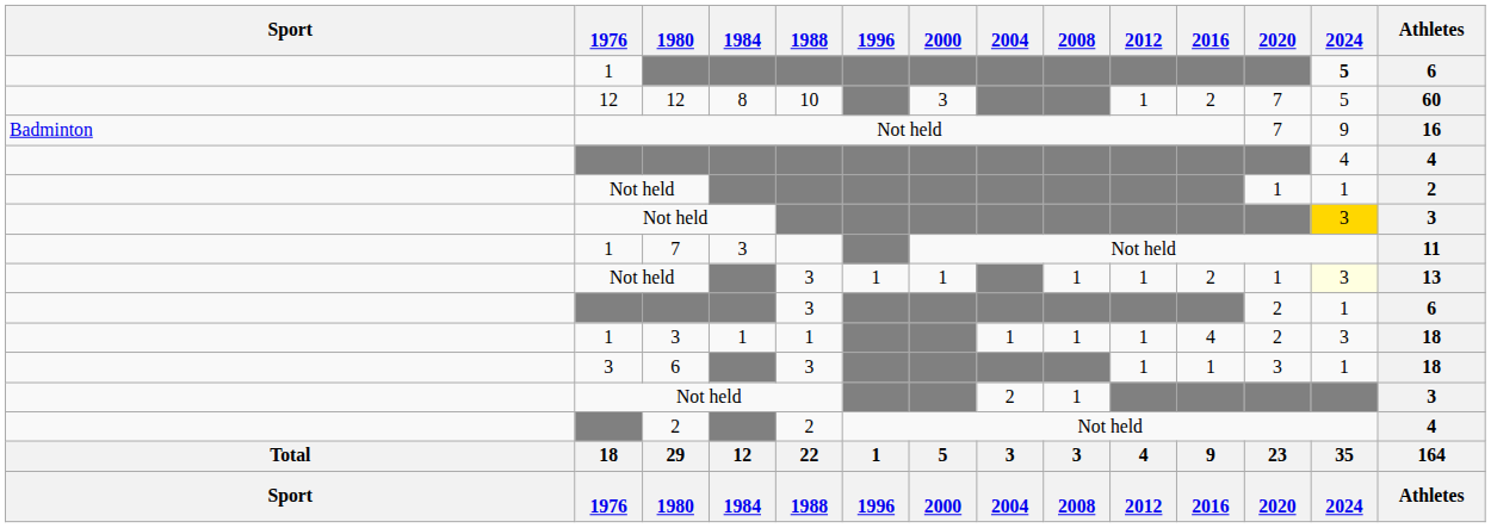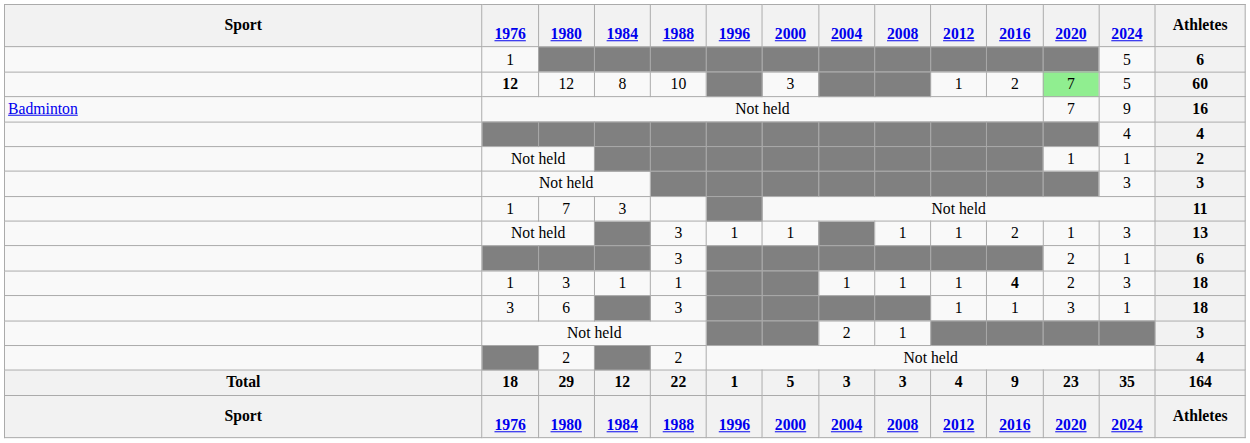 <table class="wikitable" width=80%>
 <tr>
 <th style="width:30em">Sport</th>
 <th><br><a href='#'>1976</a></th>
 <th><br><a href='#'>1980</a></th>
 <th><br><a href='#'>1984</a></th>
 <th><br><a href='#'>1988</a></th>
 <th><br><a href='#'>1996</a></th>
 <th><br><a href='#'>2000</a></th>
 <th><br><a href='#'>2004</a></th>
 <th><br><a href='#'>2008</a></th>
 <th><br><a href='#'>2012</a></th>
 <th><br><a href='#'>2016</a></th>
 <th><br><a href='#'>2020</a></th>
 <th><br><a href='#'>2024</a></th>
 <th>Athletes</th>
 </tr>
 <tr>
 <td></td>
 <td align=center>1</td>
 <td bgcolor=grey></td>
 <td bgcolor=grey></td>
 <td bgcolor=grey></td>
 <td bgcolor=grey></td>
 <td bgcolor=grey></td>
 <td bgcolor=grey></td>
 <td bgcolor=grey></td>
 <td bgcolor=grey></td>
 <td bgcolor=grey></td>
 <td bgcolor=grey></td>
-<td align=center><strong>5</strong></td>
+<td align=center>5</td>
 <th align=center>6</th>
 </tr>
 <tr>
 <td></td>
-<td align=center>12</td>
+<td align=center><strong>12</strong></td>
 <td align=center>12</td>
 <td align=center>8</td>
 <td align=center>10</td>
 <td bgcolor=grey></td>
 <td align=center>3</td>
 <td bgcolor=grey></td>
 <td bgcolor=grey></td>
 <td align=center>1</td>
 <td align=center>2</td>
-<td align=center>7</td>
+<td align=center style="background: lightgreen;">7</td>
 <td align=center>5</td>
 <th align=center>60</th>
 </tr>
 <tr>
 <td> <a href='#'>Badminton</a></td>
 <td colspan="10" align=center>Not held</td>
 <td align=center>7</td>
 <td align=center>9</td>
 <th align=center>16</th>
 </tr>
 <tr>
 <td></td>
 <td bgcolor=grey></td>
 <td bgcolor=grey></td>
 <td bgcolor=grey></td>
 <td bgcolor=grey></td>
 <td bgcolor=grey></td>
 <td bgcolor=grey></td>
 <td bgcolor=grey></td>
 <td bgcolor=grey></td>
 <td bgcolor=grey></td>
 <td bgcolor=grey></td>
 <td bgcolor=grey></td>
 <td align=center>4</td>
 <th align=center>4</th>
 </tr>
 <tr>
 <td></td>
 <td colspan="2" align=center>Not held</td>
 <td bgcolor=grey></td>
 <td bgcolor=grey></td>
 <td bgcolor=grey></td>
 <td bgcolor=grey></td>
 <td bgcolor=grey></td>
 <td bgcolor=grey></td>
 <td bgcolor=grey></td>
 <td bgcolor=grey></td>
 <td align=center>1</td>
 <td align=center>1</td>
 <th align=center>2</th>
 </tr>
 <tr>
 <td></td>
 <td colspan="3" align=center>Not held</td>
 <td bgcolor=grey></td>
 <td bgcolor=grey></td>
 <td bgcolor=grey></td>
 <td bgcolor=grey></td>
 <td bgcolor=grey></td>
 <td bgcolor=grey></td>
 <td bgcolor=grey></td>
 <td bgcolor=grey></td>
-<td align=center style="background: gold;">3</td>
+<td align=center>3</td>
 <th align=center>3</th>
 </tr>
 <tr>
 <td></td>
 <td align=center>1</td>
 <td align=center>7</td>
 <td align=center>3</td>
 <td align=center></td>
 <td bgcolor=grey></td>
 <td colspan="7" align=center>Not held</td>
 <th align=center>11</th>
 </tr>
 <tr>
 <td></td>
 <td colspan="2" align=center>Not held</td>
 <td bgcolor=grey></td>
 <td align=center>3</td>
 <td align=center>1</td>
 <td align=center>1</td>
 <td bgcolor=grey></td>
 <td align=center>1</td>
 <td align=center>1</td>
 <td align=center>2</td>
 <td align=center>1</td>
-<td align=center style="background: lightyellow;">3</td>
+<td align=center>3</td>
 <th align=center>13</th>
 </tr>
 <tr>
 <td></td>
 <td bgcolor=grey></td>
 <td bgcolor=grey></td>
 <td bgcolor=grey></td>
 <td align=center>3</td>
 <td bgcolor=grey></td>
 <td bgcolor=grey></td>
 <td bgcolor=grey></td>
 <td bgcolor=grey></td>
 <td bgcolor=grey></td>
 <td bgcolor=grey></td>
 <td align=center>2</td>
 <td align=center>1</td>
 <th align=center>6</th>
 </tr>
 <tr>
 <td></td>
 <td align=center>1</td>
 <td align=center>3</td>
 <td align=center>1</td>
 <td align=center>1</td>
 <td bgcolor=grey></td>
 <td bgcolor=grey></td>
 <td align=center>1</td>
 <td align=center>1</td>
 <td align=center>1</td>
-<td align=center>4</td>
+<td align=center><strong>4</strong></td>
 <td align=center>2</td>
 <td align=center>3</td>
 <th align=center>18</th>
 </tr>
 <tr>
 <td></td>
 <td align=center>3</td>
 <td align=center>6</td>
 <td bgcolor=grey></td>
 <td align=center>3</td>
 <td bgcolor=grey></td>
 <td bgcolor=grey></td>
 <td bgcolor=grey></td>
 <td bgcolor=grey></td>
 <td align=center>1</td>
 <td align=center>1</td>
 <td align=center>3</td>
 <td align=center>1</td>
 <th align=center>18</th>
 </tr>
 <tr>
 <td></td>
 <td colspan="4" align=center>Not held</td>
 <td bgcolor=grey></td>
 <td bgcolor=grey></td>
 <td align=center>2</td>
 <td align=center>1</td>
 <td bgcolor=grey></td>
 <td bgcolor=grey></td>
 <td bgcolor=grey></td>
 <td bgcolor=grey></td>
 <th align=center>3</th>
 </tr>
 <tr>
 <td></td>
 <td bgcolor=grey></td>
 <td align=center>2</td>
 <td bgcolor=grey></td>
 <td align=center>2</td>
 <td colspan="8" align=center>Not held</td>
 <th align=center>4</th>
 </tr>
 <tr>
 <th>Total</th>
 <th align=center>18</th>
 <th align=center>29</th>
 <th align=center>12</th>
 <th align=center>22</th>
 <th align=center>1</th>
 <th align=center>5</th>
 <th align=center>3</th>
 <th align=center>3</th>
 <th align=center>4</th>
 <th align=center>9</th>
 <th align=center>23</th>
 <th align=center>35</th>
 <th align=center>164</th>
 </tr>
 <tr>
 <th style="width:30em">Sport</th>
 <th><br><a href='#'>1976</a></th>
 <th><br><a href='#'>1980</a></th>
 <th><br><a href='#'>1984</a></th>
 <th><br><a href='#'>1988</a></th>
 <th><br><a href='#'>1996</a></th>
 <th><br><a href='#'>2000</a></th>
 <th><br><a href='#'>2004</a></th>
 <th><br><a href='#'>2008</a></th>
 <th><br><a href='#'>2012</a></th>
 <th><br><a href='#'>2016</a></th>
 <th><br><a href='#'>2020</a></th>
 <th><br><a href='#'>2024</a></th>
 <th>Athletes</th>
 </tr>
 </table>
